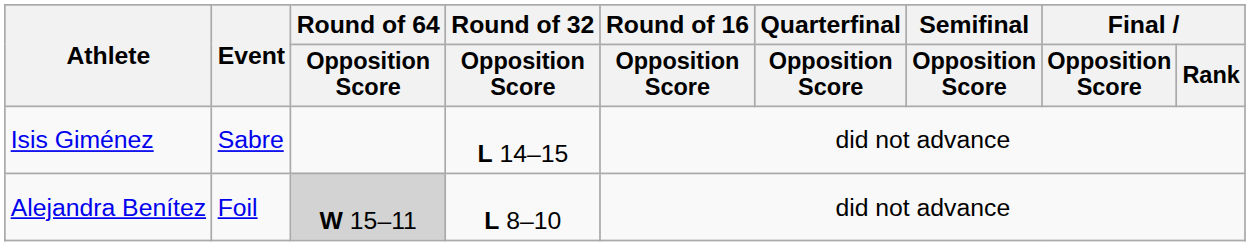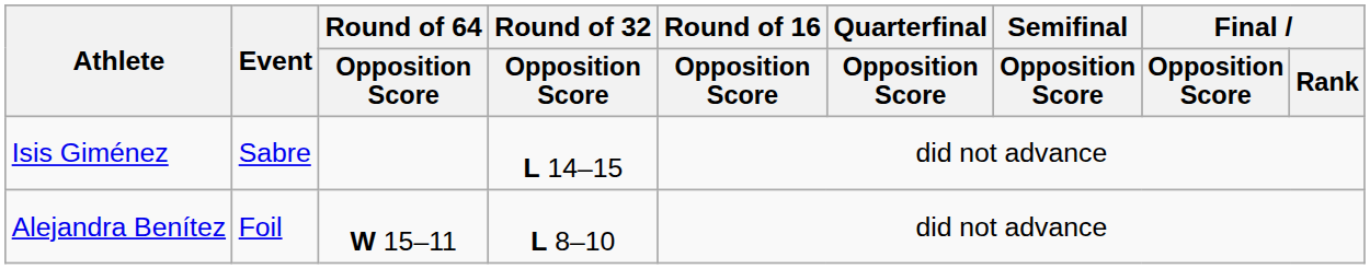 <table class="wikitable" style="font-size:90%">
 <tr>
 <th rowspan=2>Athlete</th>
 <th rowspan=2>Event</th>
 <th>Round of 64</th>
 <th>Round of 32</th>
 <th>Round of 16</th>
 <th>Quarterfinal</th>
 <th>Semifinal</th>
 <th colspan=2>Final / </th>
 </tr>
 <tr style="font-size:95%">
 <th>Opposition<br>Score</th>
 <th>Opposition<br>Score</th>
 <th>Opposition<br>Score</th>
 <th>Opposition<br>Score</th>
 <th>Opposition<br>Score</th>
 <th>Opposition<br>Score</th>
 <th>Rank</th>
 </tr>
 <tr align=center>
 <td align=left><a href='#'>Isis Giménez</a></td>
 <td align=left><a href='#'>Sabre</a></td>
 <td></td>
 <td><br><strong>L</strong> 14–15</td>
 <td colspan=5>did not advance</td>
 </tr>
 <tr align=center>
 <td align=left><a href='#'>Alejandra Benítez</a></td>
 <td align=left><a href='#'>Foil</a></td>
-<td style="background: lightgrey;"><br><strong>W</strong> 15–11</td>
+<td><br><strong>W</strong> 15–11</td>
 <td><br><strong>L</strong> 8–10</td>
 <td colspan=5>did not advance</td>
 </tr>
 </table>
